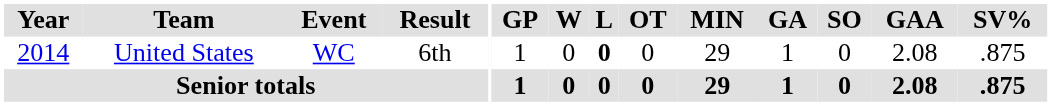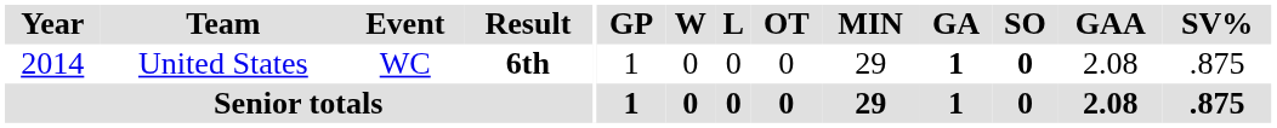 <table border="0" cellpadding="1" cellspacing="0" ID="Table3" style="text-align:center; width:40em">
 <tr ALIGN="center" bgcolor="#e0e0e0">
 <th>Year</th>
 <th>Team</th>
 <th>Event</th>
 <th>Result</th>
 <th rowspan="99" bgcolor="#ffffff"></th>
 <th>GP</th>
 <th>W</th>
 <th>L</th>
 <th>OT</th>
 <th>MIN</th>
 <th>GA</th>
 <th>SO</th>
 <th>GAA</th>
 <th>SV%</th>
 </tr>
 <tr ALIGN="center">
 <td><a href='#'>2014</a></td>
 <td><a href='#'>United States</a></td>
 <td><a href='#'>WC</a></td>
-<td>6th</td>
+<td><strong>6th</strong></td>
 <td>1</td>
 <td>0</td>
-<td><strong>0</strong></td>
+<td>0</td>
 <td>0</td>
 <td>29</td>
-<td>1</td>
-<td>0</td>
+<td><strong>1</strong></td>
+<td><strong>0</strong></td>
 <td>2.08</td>
 <td>.875</td>
 </tr>
 <tr ALIGN="center" bgcolor="#e0e0e0">
 <th colspan=4>Senior totals</th>
 <th>1</th>
 <th>0</th>
 <th>0</th>
 <th>0</th>
 <th>29</th>
 <th>1</th>
 <th>0</th>
 <th>2.08</th>
 <th>.875</th>
 </tr>
 </table>
